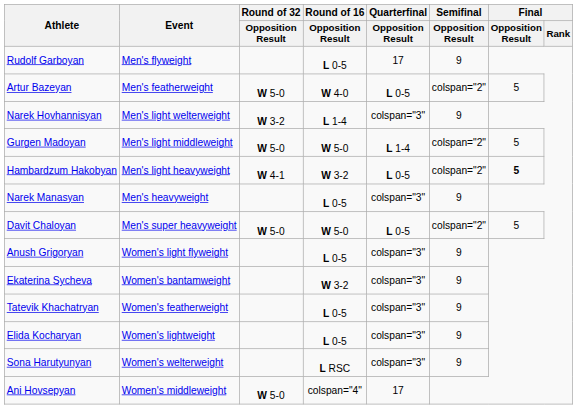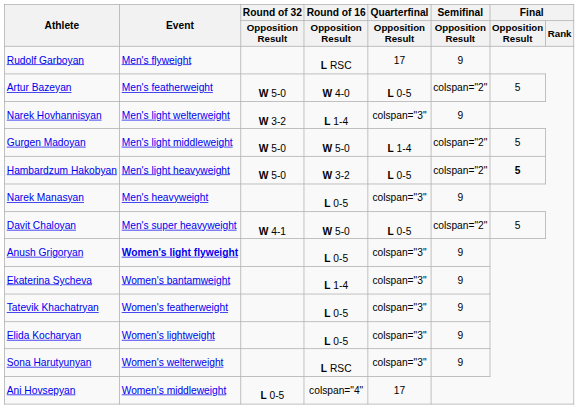 <table class="wikitable" style="text-align:center; font-size:90%">
 <tr>
 <th rowspan="2">Athlete</th>
 <th rowspan="2">Event</th>
 <th>Round of 32</th>
 <th>Round of 16</th>
 <th>Quarterfinal</th>
 <th>Semifinal</th>
 <th colspan="2">Final</th>
 </tr>
 <tr style="font-size:95%">
 <th>Opposition<br>Result</th>
 <th>Opposition<br>Result</th>
 <th>Opposition<br>Result</th>
 <th>Opposition<br>Result</th>
 <th>Opposition<br>Result</th>
 <th>Rank</th>
 </tr>
 <tr>
 <td align="left"><a href='#'>Rudolf Garboyan</a></td>
 <td align="left"><a href='#'>Men's flyweight</a></td>
 <td></td>
-<td><br><strong>L</strong> 0-5</td>
+<td><br><strong>L</strong> RSC</td>
 <td>17</td>
 <td>9</td>
 </tr>
 <tr>
 <td align="left"><a href='#'>Artur Bazeyan</a></td>
 <td align="left"><a href='#'>Men's featherweight</a></td>
 <td><br><strong>W</strong> 5-0</td>
 <td><br><strong>W</strong> 4-0</td>
 <td><br><strong>L</strong> 0-5</td>
 <td>colspan="2" </td>
 <td>5</td>
 </tr>
 <tr>
 <td align="left"><a href='#'>Narek Hovhannisyan</a></td>
 <td align="left"><a href='#'>Men's light welterweight</a></td>
 <td><br><strong>W</strong> 3-2</td>
 <td><br><strong>L</strong> 1-4</td>
 <td>colspan="3" </td>
 <td>9</td>
 </tr>
 <tr>
 <td align="left"><a href='#'>Gurgen Madoyan</a></td>
 <td align="left"><a href='#'>Men's light middleweight</a></td>
 <td><br><strong>W</strong> 5-0</td>
 <td><br><strong>W</strong> 5-0</td>
 <td><br><strong>L</strong> 1-4</td>
 <td>colspan="2" </td>
 <td>5</td>
 </tr>
 <tr>
 <td align="left"><a href='#'>Hambardzum Hakobyan</a></td>
 <td align="left"><a href='#'>Men's light heavyweight</a></td>
-<td><br><strong>W</strong> 4-1</td>
+<td><br><strong>W</strong> 5-0</td>
 <td><br><strong>W</strong> 3-2</td>
 <td><br><strong>L</strong> 0-5</td>
 <td>colspan="2" </td>
 <td><strong>5</strong></td>
 </tr>
 <tr>
 <td align="left"><a href='#'>Narek Manasyan</a></td>
 <td align="left"><a href='#'>Men's heavyweight</a></td>
 <td></td>
 <td><br><strong>L</strong> 0-5</td>
 <td>colspan="3" </td>
 <td>9</td>
 </tr>
 <tr>
 <td align="left"><a href='#'>Davit Chaloyan</a></td>
 <td align="left"><a href='#'>Men's super heavyweight</a></td>
-<td><br><strong>W</strong> 5-0</td>
+<td><br><strong>W</strong> 4-1</td>
 <td><br><strong>W</strong> 5-0</td>
 <td><br><strong>L</strong> 0-5</td>
 <td>colspan="2" </td>
 <td>5</td>
 </tr>
 <tr>
 <td align="left"><a href='#'>Anush Grigoryan</a></td>
-<td align="left"><a href='#'>Women's light flyweight</a></td>
+<td align="left"><strong><a href='#'>Women's light flyweight</a></strong></td>
 <td></td>
 <td><br><strong>L</strong> 0-5</td>
 <td>colspan="3" </td>
 <td>9</td>
 </tr>
 <tr>
 <td align="left"><a href='#'>Ekaterina Sycheva</a></td>
 <td align="left"><a href='#'>Women's bantamweight</a></td>
 <td></td>
-<td><br><strong>W</strong> 3-2</td>
+<td><br><strong>L</strong> 1-4</td>
 <td>colspan="3" </td>
 <td>9</td>
 </tr>
 <tr>
 <td align="left"><a href='#'>Tatevik Khachatryan</a></td>
 <td align="left"><a href='#'>Women's featherweight</a></td>
 <td></td>
 <td><br><strong>L</strong> 0-5</td>
 <td>colspan="3" </td>
 <td>9</td>
 </tr>
 <tr>
 <td align="left"><a href='#'>Elida Kocharyan</a></td>
 <td align="left"><a href='#'>Women's lightweight</a></td>
 <td></td>
 <td><br><strong>L</strong> 0-5</td>
 <td>colspan="3" </td>
 <td>9</td>
 </tr>
 <tr>
 <td align="left"><a href='#'>Sona Harutyunyan</a></td>
 <td align="left"><a href='#'>Women's welterweight</a></td>
 <td></td>
 <td><br><strong>L</strong> RSC</td>
 <td>colspan="3" </td>
 <td>9</td>
 </tr>
 <tr>
 <td align="left"><a href='#'>Ani Hovsepyan</a></td>
 <td align="left"><a href='#'>Women's  middleweight</a></td>
-<td><br><strong>W</strong> 5-0</td>
+<td><br><strong>L</strong> 0-5</td>
 <td>colspan="4" </td>
 <td>17</td>
 </tr>
 </table>
